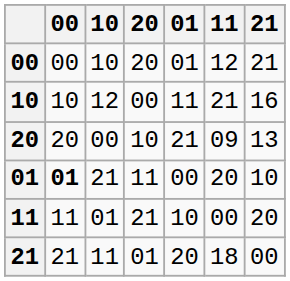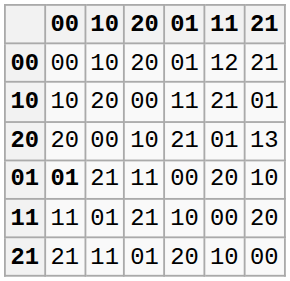 <table class=wikitable>
 <tr>
 <th> </th>
 <th>00</th>
 <th>10</th>
 <th>20</th>
 <th>01</th>
 <th>11</th>
 <th>21</th>
 </tr>
 <tr>
 <th>00</th>
 <td>00</td>
 <td>10</td>
 <td>20</td>
 <td>01</td>
 <td>12</td>
 <td>21</td>
 </tr>
 <tr>
 <th>10</th>
 <td>10</td>
-<td>12</td>
+<td>20</td>
 <td>00</td>
 <td>11</td>
 <td>21</td>
-<td>16</td>
+<td>01</td>
 </tr>
 <tr>
 <th>20</th>
 <td>20</td>
 <td>00</td>
 <td>10</td>
 <td>21</td>
-<td>09</td>
+<td>01</td>
 <td>13</td>
 </tr>
 <tr>
 <th>01</th>
 <td><strong>01</strong></td>
 <td>21</td>
 <td>11</td>
 <td>00</td>
 <td>20</td>
 <td>10</td>
 </tr>
 <tr>
 <th>11</th>
 <td>11</td>
 <td>01</td>
 <td>21</td>
 <td>10</td>
 <td>00</td>
 <td>20</td>
 </tr>
 <tr>
 <th>21</th>
 <td>21</td>
 <td>11</td>
 <td>01</td>
 <td>20</td>
-<td>18</td>
+<td>10</td>
 <td>00</td>
 </tr>
 </table>
